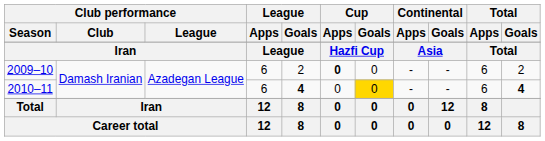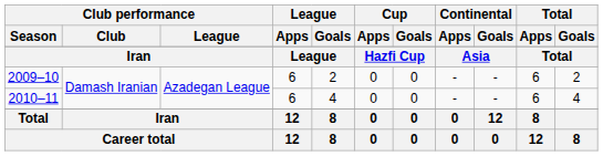 <table class="wikitable" style="text-align:center">
 <tr>
 <th colspan=3>Club performance</th>
 <th colspan=2>League</th>
 <th colspan=2>Cup</th>
 <th colspan=2>Continental</th>
 <th colspan=2>Total</th>
 </tr>
 <tr>
 <th>Season</th>
 <th>Club</th>
 <th>League</th>
 <th>Apps</th>
 <th>Goals</th>
 <th>Apps</th>
 <th>Goals</th>
 <th>Apps</th>
 <th>Goals</th>
 <th>Apps</th>
 <th>Goals</th>
 </tr>
 <tr>
 </tr>
 <tr>
 <th colspan=3>Iran</th>
 <th colspan=2>League</th>
 <th colspan=2><a href='#'>Hazfi Cup</a></th>
 <th colspan=2><a href='#'>Asia</a></th>
 <th colspan=2>Total</th>
 </tr>
 <tr>
 <td><a href='#'>2009–10</a></td>
 <td rowspan="2"><a href='#'>Damash Iranian</a></td>
 <td rowspan="2"><a href='#'>Azadegan League</a></td>
 <td>6</td>
 <td>2</td>
-<td><strong>0</strong></td>
+<td>0</td>
 <td>0</td>
 <td>-</td>
 <td>-</td>
 <td>6</td>
 <td>2</td>
 </tr>
 <tr>
 <td><a href='#'>2010–11</a></td>
 <td>6</td>
-<td><strong>4</strong></td>
+<td>4</td>
 <td>0</td>
-<td style="background: gold;">0</td>
+<td>0</td>
 <td>-</td>
 <td>-</td>
 <td>6</td>
-<td><strong>4</strong></td>
+<td>4</td>
 </tr>
 <tr>
 </tr>
 <tr>
 <th rowspan=1>Total</th>
 <th colspan=2>Iran</th>
 <th>12</th>
 <th>8</th>
 <th>0</th>
 <th>0</th>
 <th>0</th>
 <th>12</th>
 <th>8</th>
 <th></th>
 </tr>
 <tr>
 <th colspan=3>Career total</th>
 <th>12</th>
 <th>8</th>
 <th>0</th>
 <th>0</th>
 <th>0</th>
 <th>0</th>
 <th>12</th>
 <th>8</th>
 </tr>
 </table>
